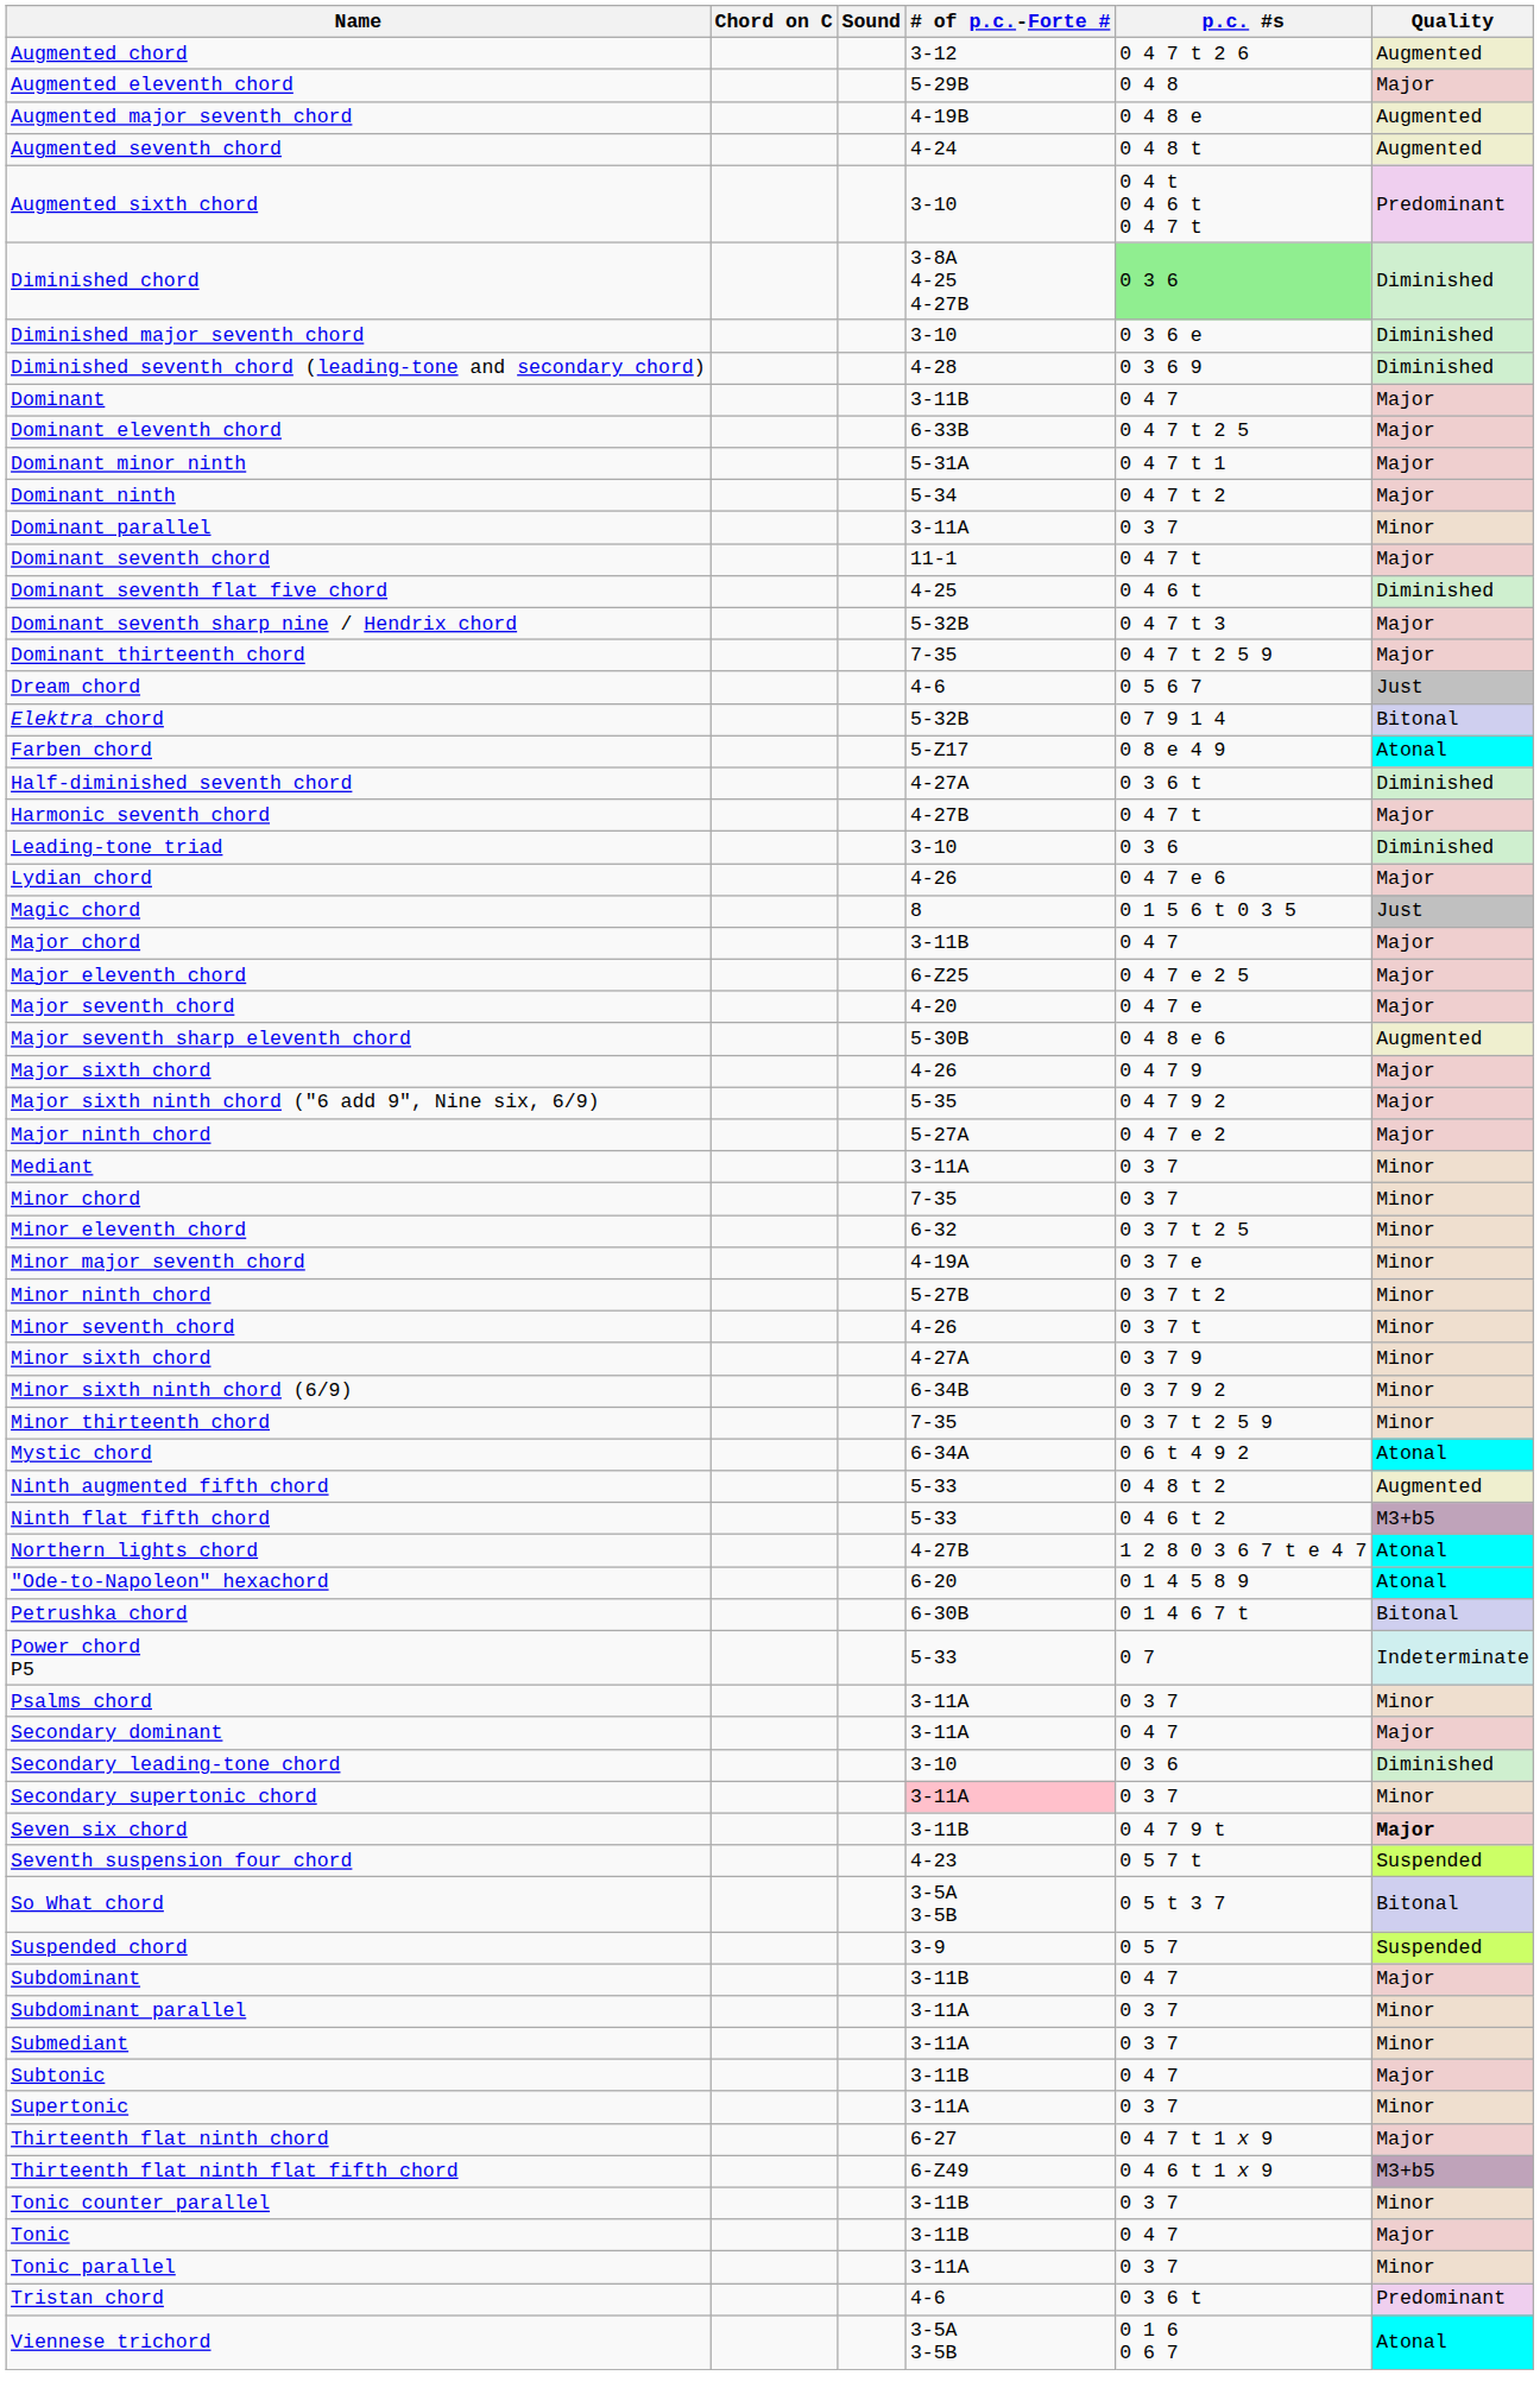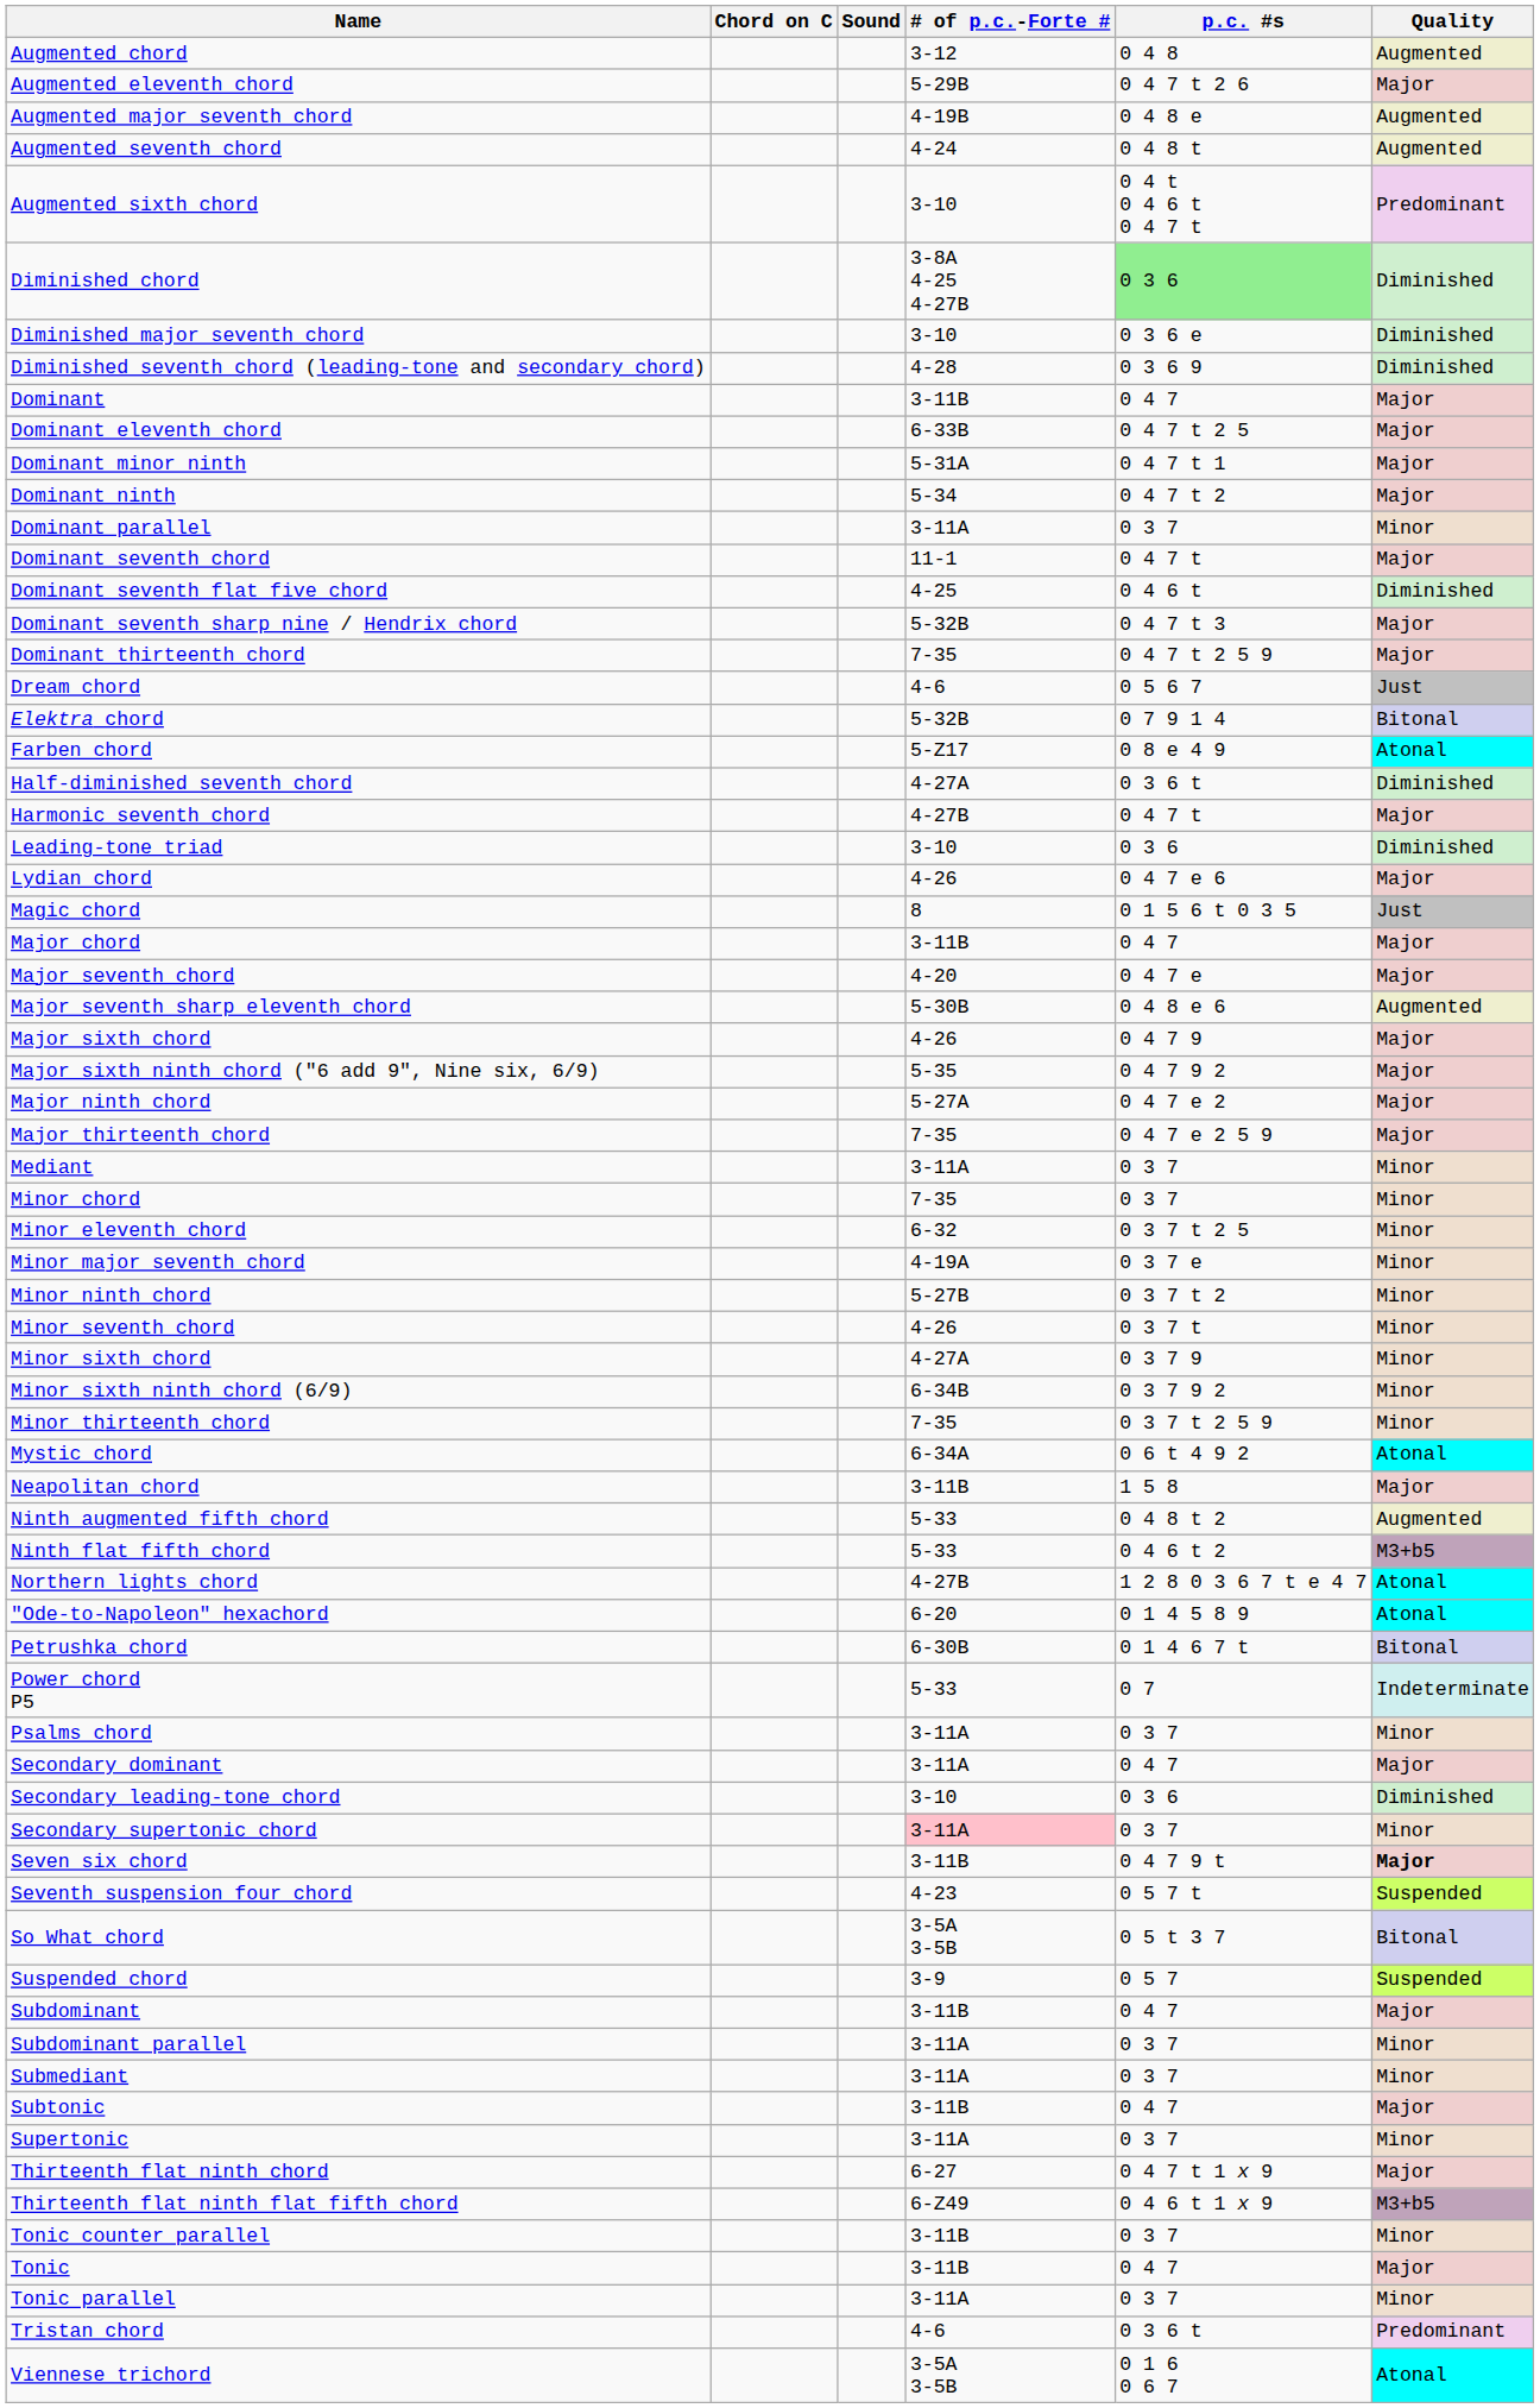 <table class="wikitable sortable" align="center" style="float:center; margin: 0 0 1em 1em;">
 <tr>
 <th>Name</th>
 <th>Chord on C</th>
 <th>Sound</th>
 <th># of <a href='#'>p.c.</a>-<a href='#'>Forte #</a></th>
 <th><a href='#'>p.c.</a> #s</th>
 <th>Quality</th>
 </tr>
 <tr>
 <td><a href='#'>Augmented chord</a></td>
 <td></td>
 <td></td>
 <td>3-12</td>
-<td>0 4 7 t 2 6</td>
+<td>0 4 8</td>
 <td bgcolor="#EFEFCF">Augmented</td>
 </tr>
 <tr>
 <td><a href='#'>Augmented eleventh chord</a></td>
 <td></td>
 <td></td>
 <td>5-29B</td>
-<td>0 4 8</td>
+<td>0 4 7 t 2 6</td>
 <td bgcolor="#EFCFCF">Major</td>
 </tr>
 <tr>
 <td><a href='#'>Augmented major seventh chord</a></td>
 <td></td>
 <td></td>
 <td>4-19B</td>
 <td>0 4 8 e</td>
 <td bgcolor="#EFEFCF">Augmented</td>
 </tr>
 <tr>
 <td><a href='#'>Augmented seventh chord</a></td>
 <td></td>
 <td></td>
 <td>4-24</td>
 <td>0 4 8 t</td>
 <td bgcolor="#EFEFCF">Augmented</td>
 </tr>
 <tr>
 <td><a href='#'>Augmented sixth chord</a></td>
 <td><br><br><br> </td>
 <td></td>
 <td>3-10</td>
 <td>0 4 t<br>0 4 6 t<br>0 4 7 t</td>
 <td bgcolor="#EFCFEF">Predominant</td>
 </tr>
 <tr>
 <td><a href='#'>Diminished chord</a></td>
 <td></td>
 <td></td>
 <td>3-8A<br>4-25<br>4-27B</td>
 <td style="background: lightgreen;">0 3 6</td>
 <td bgcolor="#CFEFCF">Diminished</td>
 </tr>
 <tr>
 <td><a href='#'>Diminished major seventh chord</a></td>
 <td></td>
 <td></td>
 <td>3-10</td>
 <td>0 3 6 e</td>
 <td bgcolor="#CFEFCF">Diminished</td>
 </tr>
 <tr>
 <td><a href='#'>Diminished seventh chord</a> (<a href='#'>leading-tone</a> and <a href='#'>secondary chord</a>)</td>
 <td></td>
 <td></td>
 <td>4-28</td>
 <td>0 3 6 9</td>
 <td bgcolor="#CFEFCF">Diminished</td>
 </tr>
 <tr>
 <td><a href='#'>Dominant</a></td>
 <td></td>
 <td></td>
 <td>3-11B</td>
 <td>0 4 7</td>
 <td bgcolor="#EFCFCF">Major</td>
 </tr>
 <tr>
 <td><a href='#'>Dominant eleventh chord</a></td>
 <td></td>
 <td></td>
 <td>6-33B</td>
 <td>0 4 7 t 2 5</td>
 <td bgcolor="#EFCFCF">Major</td>
 </tr>
 <tr>
 <td><a href='#'>Dominant minor ninth</a></td>
 <td></td>
 <td></td>
 <td>5-31A</td>
 <td>0 4 7 t 1</td>
 <td bgcolor="#EFCFCF">Major</td>
 </tr>
 <tr>
 <td><a href='#'>Dominant ninth</a></td>
 <td></td>
 <td></td>
 <td>5-34</td>
 <td>0 4 7 t 2</td>
 <td bgcolor="#EFCFCF">Major</td>
 </tr>
 <tr>
 <td><a href='#'>Dominant parallel</a></td>
 <td></td>
 <td></td>
 <td>3-11A</td>
 <td>0 3 7</td>
 <td bgcolor="#EFDFCF">Minor</td>
 </tr>
 <tr>
 <td><a href='#'>Dominant seventh chord</a></td>
 <td></td>
 <td></td>
 <td>11-1</td>
 <td>0 4 7 t</td>
 <td bgcolor="#EFCFCF">Major</td>
 </tr>
 <tr>
 <td><a href='#'>Dominant seventh flat five chord</a></td>
 <td></td>
 <td></td>
 <td>4-25</td>
 <td>0 4 6 t</td>
 <td bgcolor="#CFEFCF">Diminished</td>
 </tr>
 <tr>
 <td><a href='#'>Dominant seventh sharp nine</a> / <a href='#'>Hendrix chord</a></td>
 <td></td>
 <td></td>
 <td>5-32B</td>
 <td>0 4 7 t 3</td>
 <td bgcolor="#EFCFCF">Major</td>
 </tr>
 <tr>
 <td><a href='#'>Dominant thirteenth chord</a></td>
 <td></td>
 <td></td>
 <td>7-35</td>
 <td>0 4 7 t 2 5 9</td>
 <td bgcolor="#EFCFCF">Major</td>
 </tr>
 <tr>
 <td><a href='#'>Dream chord</a></td>
 <td></td>
 <td></td>
 <td>4-6</td>
 <td>0 5 6 7</td>
 <td bgcolor="#C0C0C0">Just</td>
 </tr>
 <tr>
 <td><a href='#'><em>Elektra</em> chord</a></td>
 <td></td>
 <td></td>
 <td>5-32B</td>
 <td>0 7 9 1 4</td>
 <td bgcolor="#CFCFEF">Bitonal</td>
 </tr>
 <tr>
 <td><a href='#'>Farben chord</a></td>
 <td></td>
 <td></td>
 <td>5-Z17</td>
 <td>0 8 e 4 9</td>
 <td bgcolor="#00FFFF">Atonal</td>
 </tr>
 <tr>
 <td><a href='#'>Half-diminished seventh chord</a></td>
 <td></td>
 <td></td>
 <td>4-27A</td>
 <td>0 3 6 t</td>
 <td bgcolor="#CFEFCF">Diminished</td>
 </tr>
 <tr>
 <td><a href='#'>Harmonic seventh chord</a></td>
 <td></td>
 <td></td>
 <td>4-27B</td>
 <td>0 4 7 t</td>
 <td bgcolor="#EFCFCF">Major</td>
 </tr>
 <tr>
 <td><a href='#'>Leading-tone triad</a></td>
 <td></td>
 <td></td>
 <td>3-10</td>
 <td>0 3 6</td>
 <td bgcolor="#CFEFCF">Diminished</td>
 </tr>
 <tr>
 <td><a href='#'>Lydian chord</a></td>
 <td></td>
 <td></td>
 <td>4-26</td>
 <td>0 4 7 e 6</td>
 <td bgcolor="#EFCFCF">Major</td>
 </tr>
 <tr>
 <td><a href='#'>Magic chord</a></td>
 <td></td>
 <td></td>
 <td>8</td>
 <td>0 1 5 6 t 0 3 5</td>
 <td bgcolor="#C0C0C0">Just</td>
 </tr>
 <tr>
 <td><a href='#'>Major chord</a></td>
 <td></td>
 <td></td>
 <td>3-11B</td>
 <td>0 4 7</td>
 <td bgcolor="#EFCFCF">Major</td>
 </tr>
 <tr>
-<td><a href='#'>Major eleventh chord</a></td>
-<td></td>
-<td></td>
-<td>6-Z25</td>
-<td>0 4 7 e 2 5</td>
-<td bgcolor="#EFCFCF">Major</td>
-</tr>
-<tr>
 <td><a href='#'>Major seventh chord</a></td>
 <td></td>
 <td></td>
 <td>4-20</td>
 <td>0 4 7 e</td>
 <td bgcolor="#EFCFCF">Major</td>
 </tr>
 <tr>
 <td><a href='#'>Major seventh sharp eleventh chord</a></td>
 <td></td>
 <td></td>
 <td>5-30B</td>
 <td>0 4 8 e 6</td>
 <td bgcolor="#EFEFCF">Augmented</td>
 </tr>
 <tr>
 <td><a href='#'>Major sixth chord</a></td>
 <td></td>
 <td></td>
 <td>4-26</td>
 <td>0 4 7 9</td>
 <td bgcolor="#EFCFCF">Major</td>
 </tr>
 <tr>
 <td><a href='#'>Major sixth ninth chord</a> ("6 add 9", Nine six, 6/9)</td>
 <td></td>
 <td></td>
 <td>5-35</td>
 <td>0 4 7 9 2</td>
 <td bgcolor="#EFCFCF">Major</td>
 </tr>
 <tr>
 <td><a href='#'>Major ninth chord</a></td>
 <td></td>
 <td></td>
 <td>5-27A</td>
 <td>0 4 7 e 2</td>
+<td bgcolor="#EFCFCF">Major</td>
+</tr>
+<tr>
+<td><a href='#'>Major thirteenth chord</a></td>
+<td></td>
+<td></td>
+<td>7-35</td>
+<td>0 4 7 e 2 5 9</td>
 <td bgcolor="#EFCFCF">Major</td>
 </tr>
 <tr>
 <td><a href='#'>Mediant</a></td>
 <td></td>
 <td></td>
 <td>3-11A</td>
 <td>0 3 7</td>
 <td bgcolor="#EFDFCF">Minor</td>
 </tr>
 <tr>
 <td><a href='#'>Minor chord</a></td>
 <td></td>
 <td></td>
 <td>7-35</td>
 <td>0 3 7</td>
 <td bgcolor="#EFDFCF">Minor</td>
 </tr>
 <tr>
 <td><a href='#'>Minor eleventh chord</a></td>
 <td></td>
 <td></td>
 <td>6-32</td>
 <td>0 3 7 t 2 5</td>
 <td bgcolor="#EFDFCF">Minor</td>
 </tr>
 <tr>
 <td><a href='#'>Minor major seventh chord</a></td>
 <td></td>
 <td></td>
 <td>4-19A</td>
 <td>0 3 7 e</td>
 <td bgcolor="#EFDFCF">Minor</td>
 </tr>
 <tr>
 <td><a href='#'>Minor ninth chord</a></td>
 <td></td>
 <td></td>
 <td>5-27B</td>
 <td>0 3 7 t 2</td>
 <td bgcolor="#EFDFCF">Minor</td>
 </tr>
 <tr>
 <td><a href='#'>Minor seventh chord</a></td>
 <td></td>
 <td></td>
 <td>4-26</td>
 <td>0 3 7 t</td>
 <td bgcolor="#EFDFCF">Minor</td>
 </tr>
 <tr>
 <td><a href='#'>Minor sixth chord</a></td>
 <td></td>
 <td></td>
 <td>4-27A</td>
 <td>0 3 7 9</td>
 <td bgcolor="#EFDFCF">Minor</td>
 </tr>
 <tr>
 <td><a href='#'>Minor sixth ninth chord</a> (6/9)</td>
 <td></td>
 <td></td>
 <td>6-34B</td>
 <td>0 3 7 9 2</td>
 <td bgcolor="#EFDFCF">Minor</td>
 </tr>
 <tr>
 <td><a href='#'>Minor thirteenth chord</a></td>
 <td></td>
 <td></td>
 <td>7-35</td>
 <td>0 3 7 t 2 5 9</td>
 <td bgcolor="#EFDFCF">Minor</td>
 </tr>
 <tr>
 <td><a href='#'>Mystic chord</a></td>
 <td></td>
 <td></td>
 <td>6-34A</td>
 <td>0 6 t 4 9 2</td>
 <td bgcolor="#00FFFF">Atonal</td>
+</tr>
+<tr>
+<td><a href='#'>Neapolitan chord</a></td>
+<td></td>
+<td></td>
+<td>3-11B</td>
+<td>1 5 8</td>
+<td bgcolor="#EFCFCF">Major</td>
 </tr>
 <tr>
 <td><a href='#'>Ninth augmented fifth chord</a></td>
 <td></td>
 <td></td>
 <td>5-33</td>
 <td>0 4 8 t 2</td>
 <td bgcolor="#EFEFCF">Augmented</td>
 </tr>
 <tr>
 <td><a href='#'>Ninth flat fifth chord</a></td>
 <td></td>
 <td></td>
 <td>5-33</td>
 <td>0 4 6 t 2</td>
 <td bgcolor="#BFA3BA">M3+b5</td>
 </tr>
 <tr>
 <td><a href='#'>Northern lights chord</a></td>
 <td></td>
 <td></td>
 <td>4-27B</td>
 <td>1 2 8 0 3 6 7 t e 4 7</td>
 <td bgcolor="#00FFFF">Atonal</td>
 </tr>
 <tr>
 <td data-sort-value="Ode-to-Napoleon hexachord"><a href='#'>"Ode-to-Napoleon" hexachord</a></td>
 <td></td>
 <td></td>
 <td>6-20</td>
 <td>0 1 4 5 8 9</td>
 <td bgcolor="#00FFFF">Atonal</td>
 </tr>
 <tr>
 <td><a href='#'>Petrushka chord</a></td>
 <td></td>
 <td></td>
 <td>6-30B</td>
 <td>0 1 4 6 7 t</td>
 <td bgcolor="#CFCFEF">Bitonal</td>
 </tr>
 <tr>
 <td><a href='#'>Power chord</a><br>P5</td>
 <td></td>
 <td></td>
 <td>5-33</td>
 <td>0 7</td>
 <td bgcolor="#CFEFEF">Indeterminate</td>
 </tr>
 <tr>
 <td><a href='#'>Psalms chord</a></td>
 <td></td>
 <td></td>
 <td>3-11A</td>
 <td>0 3 7</td>
 <td bgcolor="#EFDFCF">Minor</td>
 </tr>
 <tr>
 <td><a href='#'>Secondary dominant</a></td>
 <td></td>
 <td></td>
 <td>3-11A</td>
 <td>0 4 7</td>
 <td bgcolor="#EFCFCF">Major</td>
 </tr>
 <tr>
 <td><a href='#'>Secondary leading-tone chord</a></td>
 <td></td>
 <td></td>
 <td>3-10</td>
 <td>0 3 6</td>
 <td bgcolor="#CFEFCF">Diminished</td>
 </tr>
 <tr>
 <td><a href='#'>Secondary supertonic chord</a></td>
 <td></td>
 <td></td>
 <td style="background: pink;">3-11A</td>
 <td>0 3 7</td>
 <td bgcolor="#EFDFCF">Minor</td>
 </tr>
 <tr>
 <td><a href='#'>Seven six chord</a></td>
 <td></td>
 <td></td>
 <td>3-11B</td>
 <td>0 4 7 9 t</td>
 <td bgcolor="#EFCFCF"><strong>Major</strong></td>
 </tr>
 <tr>
 <td><a href='#'>Seventh suspension four chord</a></td>
 <td></td>
 <td></td>
 <td>4-23</td>
 <td>0 5 7 t</td>
 <td bgcolor="#CCFF66">Suspended</td>
 </tr>
 <tr>
 <td><a href='#'>So What chord</a></td>
 <td></td>
 <td></td>
 <td>3-5A<br>3-5B</td>
 <td>0 5 t 3 7</td>
 <td bgcolor="#CFCFEF">Bitonal</td>
 </tr>
 <tr>
 <td><a href='#'>Suspended chord</a></td>
 <td></td>
 <td></td>
 <td>3-9</td>
 <td>0 5 7</td>
 <td bgcolor="#CCFF66">Suspended</td>
 </tr>
 <tr>
 <td><a href='#'>Subdominant</a></td>
 <td></td>
 <td></td>
 <td>3-11B</td>
 <td>0 4 7</td>
 <td bgcolor="#EFCFCF">Major</td>
 </tr>
 <tr>
 <td><a href='#'>Subdominant parallel</a></td>
 <td></td>
 <td></td>
 <td>3-11A</td>
 <td>0 3 7</td>
 <td bgcolor="#EFDFCF">Minor</td>
 </tr>
 <tr>
 <td><a href='#'>Submediant</a></td>
 <td></td>
 <td></td>
 <td>3-11A</td>
 <td>0 3 7</td>
 <td bgcolor="#EFDFCF">Minor</td>
 </tr>
 <tr>
 <td><a href='#'>Subtonic</a></td>
 <td></td>
 <td></td>
 <td>3-11B</td>
 <td>0 4 7</td>
 <td bgcolor="#EFCFCF">Major</td>
 </tr>
 <tr>
 <td><a href='#'>Supertonic</a></td>
 <td></td>
 <td></td>
 <td>3-11A</td>
 <td>0 3 7</td>
 <td bgcolor="#EFDFCF">Minor</td>
 </tr>
 <tr>
 <td><a href='#'>Thirteenth flat ninth chord</a></td>
 <td></td>
 <td></td>
 <td>6-27</td>
 <td>0 4 7 t 1 <em>x</em> 9</td>
 <td bgcolor="#EFCFCF">Major</td>
 </tr>
 <tr>
 <td><a href='#'>Thirteenth flat ninth flat fifth chord</a></td>
 <td></td>
 <td></td>
 <td>6-Z49</td>
 <td>0 4 6 t 1 <em>x</em> 9</td>
 <td bgcolor="#BFA3BA">M3+b5</td>
 </tr>
 <tr>
 <td><a href='#'>Tonic counter parallel</a></td>
 <td></td>
 <td></td>
 <td>3-11B</td>
 <td>0 3 7</td>
 <td bgcolor="#EFDFCF">Minor</td>
 </tr>
 <tr>
 <td><a href='#'>Tonic</a></td>
 <td></td>
 <td></td>
 <td>3-11B</td>
 <td>0 4 7</td>
 <td bgcolor="#EFCFCF">Major</td>
 </tr>
 <tr>
 <td><a href='#'>Tonic parallel</a></td>
 <td></td>
 <td></td>
 <td>3-11A</td>
 <td>0 3 7</td>
 <td bgcolor="#EFDFCF">Minor</td>
 </tr>
 <tr>
 <td><a href='#'>Tristan chord</a></td>
 <td></td>
 <td></td>
 <td>4-6</td>
 <td>0 3 6 t</td>
 <td bgcolor="#EFCFEF">Predominant</td>
 </tr>
 <tr>
 <td><a href='#'>Viennese trichord</a></td>
 <td></td>
 <td></td>
 <td>3-5A<br>3-5B</td>
 <td>0 1 6<br>0 6 7</td>
 <td bgcolor="#00FFFF">Atonal</td>
 </tr>
 </table>
